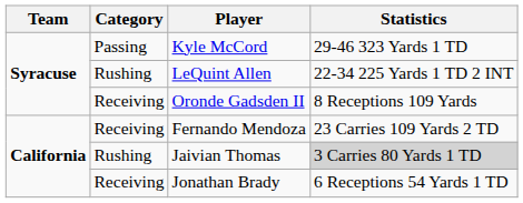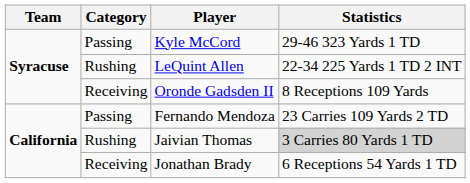 <table class="wikitable" style="float: right;">
 <tr>
 <th>Team</th>
 <th>Category</th>
 <th>Player</th>
 <th>Statistics</th>
 </tr>
 <tr>
 <td rowspan=3><strong>Syracuse</strong></td>
 <td>Passing</td>
 <td><a href='#'>Kyle McCord</a></td>
 <td>29-46 323 Yards 1 TD</td>
 </tr>
 <tr>
 <td>Rushing</td>
 <td><a href='#'>LeQuint Allen</a></td>
 <td>22-34 225 Yards 1 TD 2 INT</td>
 </tr>
 <tr>
 <td>Receiving</td>
 <td><a href='#'>Oronde Gadsden II</a></td>
 <td>8 Receptions 109 Yards</td>
 </tr>
 <tr>
 <td rowspan=3><strong>California</strong></td>
-<td>Receiving</td>
+<td>Passing</td>
 <td>Fernando Mendoza</td>
 <td>23 Carries 109 Yards 2 TD</td>
 </tr>
 <tr>
 <td>Rushing</td>
 <td>Jaivian Thomas</td>
 <td style="background: lightgrey;">3 Carries 80 Yards 1 TD</td>
 </tr>
 <tr>
 <td>Receiving</td>
 <td>Jonathan Brady</td>
 <td>6 Receptions 54 Yards 1 TD</td>
 </tr>
 </table>
